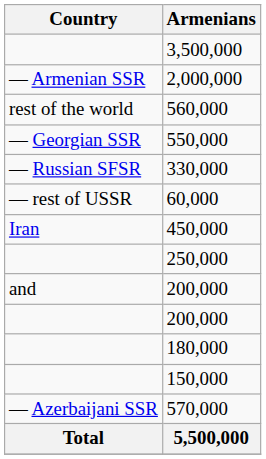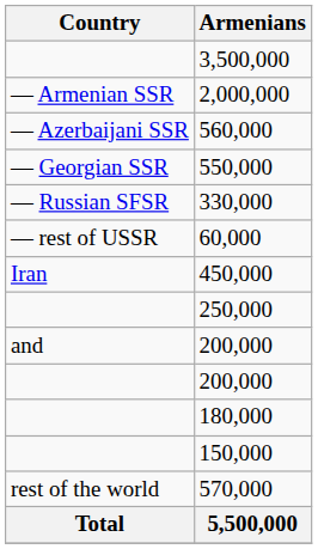 <table class="wikitable">
 <tr>
 <th>Country</th>
 <th>Armenians</th>
 </tr>
 <tr>
 <td></td>
 <td>3,500,000</td>
 </tr>
 <tr>
 <td>— <a href='#'>Armenian SSR</a></td>
 <td>2,000,000</td>
 </tr>
 <tr>
-<td>rest of the world</td>
+<td>— <a href='#'>Azerbaijani SSR</a></td>
 <td>560,000</td>
 </tr>
 <tr>
 <td>— <a href='#'>Georgian SSR</a></td>
 <td>550,000</td>
 </tr>
 <tr>
 <td>— <a href='#'>Russian SFSR</a></td>
 <td>330,000</td>
 </tr>
 <tr>
 <td>— rest of USSR</td>
 <td>60,000</td>
 </tr>
 <tr>
 <td> <a href='#'>Iran</a></td>
 <td>450,000</td>
 </tr>
 <tr>
 <td></td>
 <td>250,000</td>
 </tr>
 <tr>
 <td> and </td>
 <td>200,000</td>
 </tr>
 <tr>
 <td></td>
 <td>200,000</td>
 </tr>
 <tr>
 <td></td>
 <td>180,000</td>
 </tr>
 <tr>
 <td></td>
 <td>150,000</td>
 </tr>
 <tr>
-<td>— <a href='#'>Azerbaijani SSR</a></td>
+<td>rest of the world</td>
 <td>570,000</td>
 </tr>
 <tr>
 <th>Total</th>
 <th>5,500,000</th>
 </tr>
 <tr>
 </tr>
 </table>
